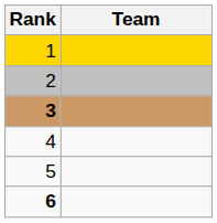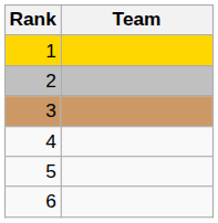 <table class=wikitable>
 <tr>
 <th width=20>Rank</th>
 <th width=120>Team</th>
 </tr>
 <tr bgcolor=gold>
 <td align=right>1</td>
 <td></td>
 </tr>
 <tr bgcolor=silver>
 <td align=right>2</td>
 <td></td>
 </tr>
 <tr bgcolor=#c96>
-<td align=right><strong>3</strong></td>
+<td align=right>3</td>
 <td></td>
 </tr>
 <tr>
 <td align=right>4</td>
 <td></td>
 </tr>
 <tr>
 <td align=right>5</td>
 <td><strong></strong></td>
 </tr>
 <tr>
-<td align=right><strong>6</strong></td>
+<td align=right>6</td>
 <td></td>
 </tr>
 </table>
